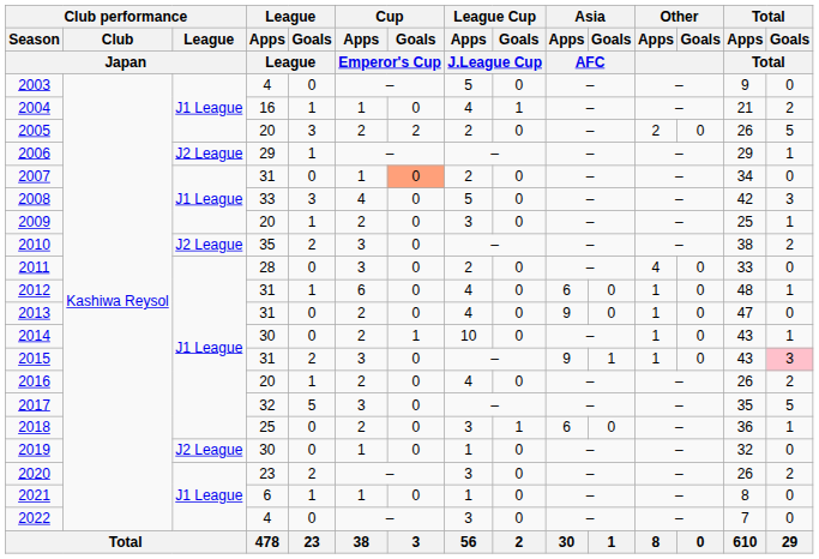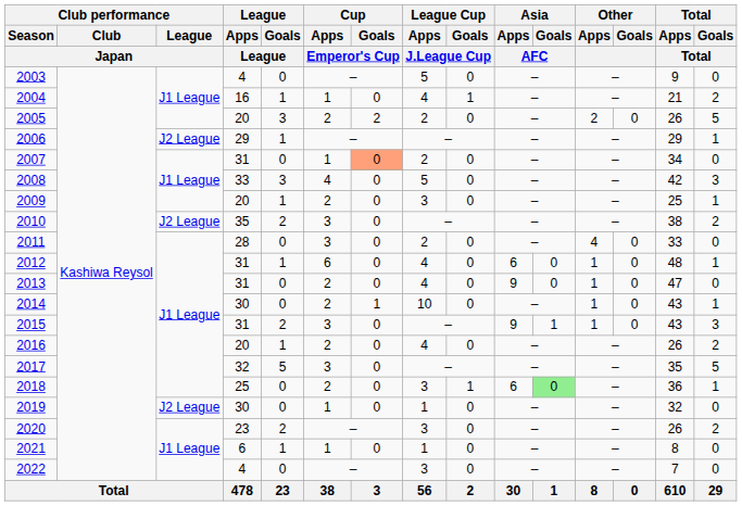 <table class="wikitable" style="text-align:center;">
 <tr>
 <th colspan=3>Club performance</th>
 <th colspan=2>League</th>
 <th colspan=2>Cup</th>
 <th colspan=2>League Cup</th>
 <th colspan=2>Asia</th>
 <th colspan="2">Other</th>
 <th colspan=2>Total</th>
 </tr>
 <tr>
 <th>Season</th>
 <th>Club</th>
 <th>League</th>
 <th>Apps</th>
 <th>Goals</th>
 <th>Apps</th>
 <th>Goals</th>
 <th>Apps</th>
 <th>Goals</th>
 <th>Apps</th>
 <th>Goals</th>
 <th>Apps</th>
 <th>Goals</th>
 <th>Apps</th>
 <th>Goals</th>
 </tr>
 <tr>
 <th colspan=3>Japan</th>
 <th colspan=2>League</th>
 <th colspan=2><a href='#'>Emperor's Cup</a></th>
 <th colspan=2><a href='#'>J.League Cup</a></th>
 <th colspan=2><a href='#'>AFC</a></th>
 <th colspan="2"></th>
 <th colspan=2>Total</th>
 </tr>
 <tr>
 <td><a href='#'>2003</a></td>
 <td rowspan="20"><a href='#'>Kashiwa Reysol</a></td>
 <td rowspan="3"><a href='#'>J1 League</a></td>
 <td>4</td>
 <td>0</td>
 <td colspan="2">–</td>
 <td>5</td>
 <td>0</td>
 <td colspan="2">–</td>
 <td colspan="2">–</td>
 <td>9</td>
 <td>0</td>
 </tr>
 <tr>
 <td><a href='#'>2004</a></td>
 <td>16</td>
 <td>1</td>
 <td>1</td>
 <td>0</td>
 <td>4</td>
 <td>1</td>
 <td colspan="2">–</td>
 <td colspan="2">–</td>
 <td>21</td>
 <td>2</td>
 </tr>
 <tr>
 <td><a href='#'>2005</a></td>
 <td>20</td>
 <td>3</td>
 <td>2</td>
 <td>2</td>
 <td>2</td>
 <td>0</td>
 <td colspan="2">–</td>
 <td>2</td>
 <td>0</td>
 <td>26</td>
 <td>5</td>
 </tr>
 <tr>
 <td><a href='#'>2006</a></td>
 <td><a href='#'>J2 League</a></td>
 <td>29</td>
 <td>1</td>
 <td colspan="2">–</td>
 <td colspan="2">–</td>
 <td colspan="2">–</td>
 <td colspan="2">–</td>
 <td>29</td>
 <td>1</td>
 </tr>
 <tr>
 <td><a href='#'>2007</a></td>
 <td rowspan="3"><a href='#'>J1 League</a></td>
 <td>31</td>
 <td>0</td>
 <td>1</td>
 <td style="background: lightsalmon;">0</td>
 <td>2</td>
 <td>0</td>
 <td colspan="2">–</td>
 <td colspan="2">–</td>
 <td>34</td>
 <td>0</td>
 </tr>
 <tr>
 <td><a href='#'>2008</a></td>
 <td>33</td>
 <td>3</td>
 <td>4</td>
 <td>0</td>
 <td>5</td>
 <td>0</td>
 <td colspan="2">–</td>
 <td colspan="2">–</td>
 <td>42</td>
 <td>3</td>
 </tr>
 <tr>
 <td><a href='#'>2009</a></td>
 <td>20</td>
 <td>1</td>
 <td>2</td>
 <td>0</td>
 <td>3</td>
 <td>0</td>
 <td colspan="2">–</td>
 <td colspan="2">–</td>
 <td>25</td>
 <td>1</td>
 </tr>
 <tr>
 <td><a href='#'>2010</a></td>
 <td><a href='#'>J2 League</a></td>
 <td>35</td>
 <td>2</td>
 <td>3</td>
 <td>0</td>
 <td colspan="2">–</td>
 <td colspan="2">–</td>
 <td colspan="2">–</td>
 <td>38</td>
 <td>2</td>
 </tr>
 <tr>
 <td><a href='#'>2011</a></td>
 <td rowspan="8"><a href='#'>J1 League</a></td>
 <td>28</td>
 <td>0</td>
 <td>3</td>
 <td>0</td>
 <td>2</td>
 <td>0</td>
 <td colspan="2">–</td>
 <td>4</td>
 <td>0</td>
 <td>33</td>
 <td>0</td>
 </tr>
 <tr>
 <td><a href='#'>2012</a></td>
 <td>31</td>
 <td>1</td>
 <td>6</td>
 <td>0</td>
 <td>4</td>
 <td>0</td>
 <td>6</td>
 <td>0</td>
 <td>1</td>
 <td>0</td>
 <td>48</td>
 <td>1</td>
 </tr>
 <tr>
 <td><a href='#'>2013</a></td>
 <td>31</td>
 <td>0</td>
 <td>2</td>
 <td>0</td>
 <td>4</td>
 <td>0</td>
 <td>9</td>
 <td>0</td>
 <td>1</td>
 <td>0</td>
 <td>47</td>
 <td>0</td>
 </tr>
 <tr>
 <td><a href='#'>2014</a></td>
 <td>30</td>
 <td>0</td>
 <td>2</td>
 <td>1</td>
 <td>10</td>
 <td>0</td>
 <td colspan="2">–</td>
 <td>1</td>
 <td>0</td>
 <td>43</td>
 <td>1</td>
 </tr>
 <tr>
 <td><a href='#'>2015</a></td>
 <td>31</td>
 <td>2</td>
 <td>3</td>
 <td>0</td>
 <td colspan="2">–</td>
 <td>9</td>
 <td>1</td>
 <td>1</td>
 <td>0</td>
 <td>43</td>
-<td style="background: pink;">3</td>
+<td>3</td>
 </tr>
 <tr>
 <td><a href='#'>2016</a></td>
 <td>20</td>
 <td>1</td>
 <td>2</td>
 <td>0</td>
 <td>4</td>
 <td>0</td>
 <td colspan="2">–</td>
 <td colspan="2">–</td>
 <td>26</td>
 <td>2</td>
 </tr>
 <tr>
 <td><a href='#'>2017</a></td>
 <td>32</td>
 <td>5</td>
 <td>3</td>
 <td>0</td>
 <td colspan="2">–</td>
 <td colspan="2">–</td>
 <td colspan="2">–</td>
 <td>35</td>
 <td>5</td>
 </tr>
 <tr>
 <td><a href='#'>2018</a></td>
 <td>25</td>
 <td>0</td>
 <td>2</td>
 <td>0</td>
 <td>3</td>
 <td>1</td>
 <td>6</td>
-<td>0</td>
+<td style="background: lightgreen;">0</td>
 <td colspan="2">–</td>
 <td>36</td>
 <td>1</td>
 </tr>
 <tr>
 <td><a href='#'>2019</a></td>
 <td><a href='#'>J2 League</a></td>
 <td>30</td>
 <td>0</td>
 <td>1</td>
 <td>0</td>
 <td>1</td>
 <td>0</td>
 <td colspan="2">–</td>
 <td colspan="2">–</td>
 <td>32</td>
 <td>0</td>
 </tr>
 <tr>
 <td><a href='#'>2020</a></td>
 <td rowspan="3"><a href='#'>J1 League</a></td>
 <td>23</td>
 <td>2</td>
 <td colspan="2">–</td>
 <td>3</td>
 <td>0</td>
 <td colspan="2">–</td>
 <td colspan="2">–</td>
 <td>26</td>
 <td>2</td>
 </tr>
 <tr>
 <td><a href='#'>2021</a></td>
 <td>6</td>
 <td>1</td>
 <td>1</td>
 <td>0</td>
 <td>1</td>
 <td>0</td>
 <td colspan="2">–</td>
 <td colspan="2">–</td>
 <td>8</td>
 <td>0</td>
 </tr>
 <tr>
 <td><a href='#'>2022</a></td>
 <td>4</td>
 <td>0</td>
 <td colspan="2">–</td>
 <td>3</td>
 <td>0</td>
 <td colspan="2">–</td>
 <td colspan="2">–</td>
 <td>7</td>
 <td>0</td>
 </tr>
 <tr>
 <th colspan="3">Total</th>
 <th>478</th>
 <th>23</th>
 <th>38</th>
 <th>3</th>
 <th>56</th>
 <th>2</th>
 <th>30</th>
 <th>1</th>
 <th>8</th>
 <th>0</th>
 <th>610</th>
 <th>29</th>
 </tr>
 </table>
